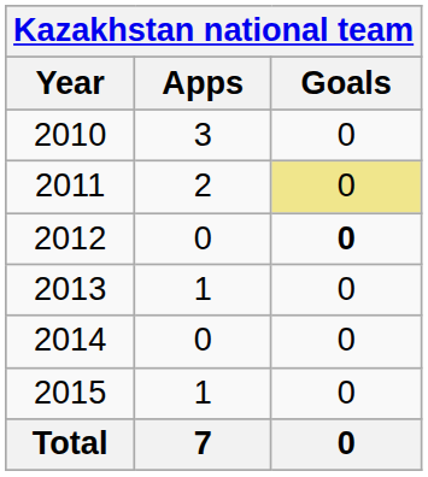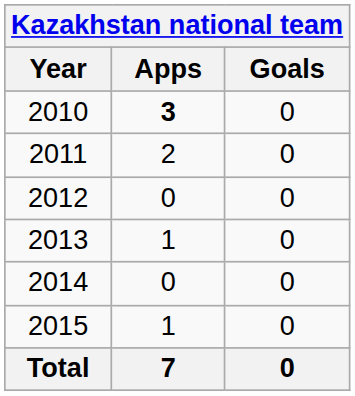 <table class="wikitable" style="text-align:center">
 <tr>
 <th colspan=3><a href='#'>Kazakhstan national team</a></th>
 </tr>
 <tr>
 <th>Year</th>
 <th>Apps</th>
 <th>Goals</th>
 </tr>
 <tr>
 <td>2010</td>
-<td>3</td>
+<td><strong>3</strong></td>
 <td>0</td>
 </tr>
 <tr>
 <td>2011</td>
 <td>2</td>
-<td style="background: khaki;">0</td>
+<td>0</td>
 </tr>
 <tr>
 <td>2012</td>
 <td>0</td>
-<td><strong>0</strong></td>
+<td>0</td>
 </tr>
 <tr>
 <td>2013</td>
 <td>1</td>
 <td>0</td>
 </tr>
 <tr>
 <td>2014</td>
 <td>0</td>
 <td>0</td>
 </tr>
 <tr>
 <td>2015</td>
 <td>1</td>
 <td>0</td>
 </tr>
 <tr>
 <th>Total</th>
 <th>7</th>
 <th>0</th>
 </tr>
 </table>
